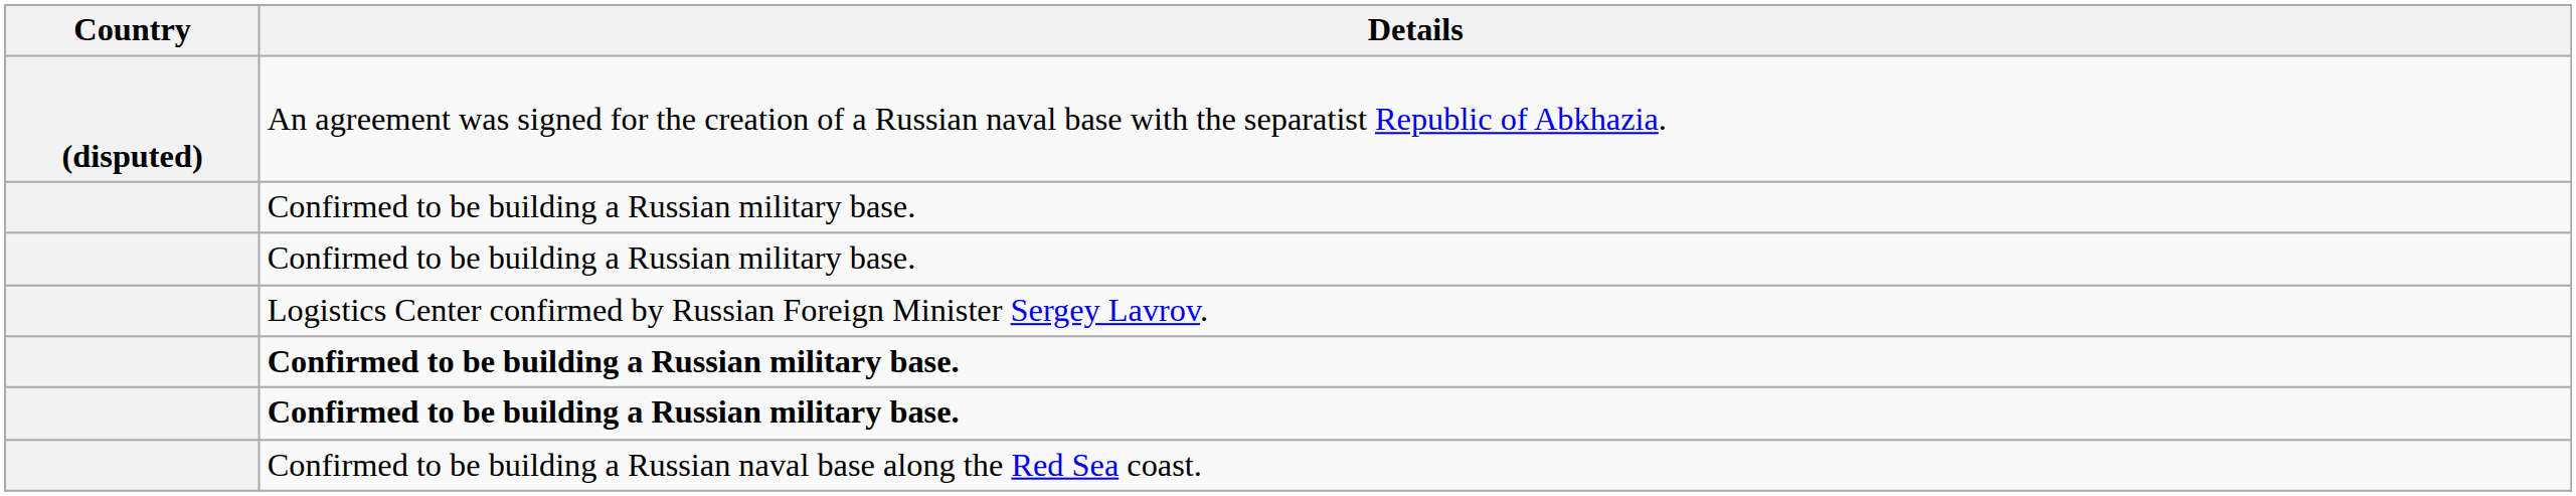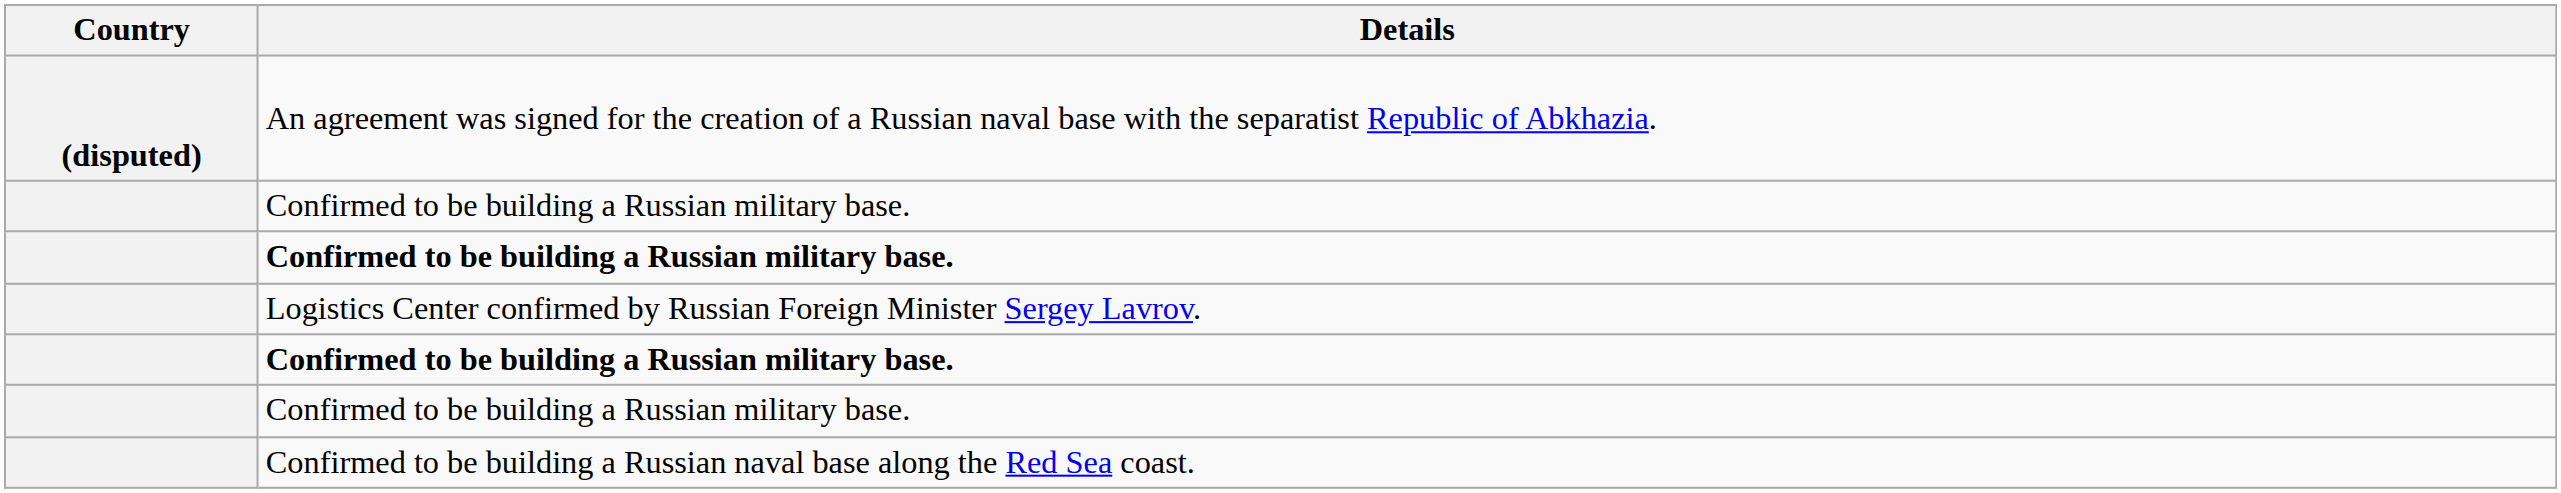 <table class="wikitable" style="margin:auto; width:100%;">
 <tr>
 <th>Country</th>
 <th>Details</th>
 </tr>
 <tr>
 <th><br><br>(disputed)</th>
 <td>An agreement was signed for the creation of a Russian naval base with the separatist <a href='#'>Republic of Abkhazia</a>.</td>
 </tr>
 <tr>
 <th></th>
 <td>Confirmed to be building a Russian military base.</td>
 </tr>
 <tr>
 <th></th>
-<td>Confirmed to be building a Russian military base.</td>
+<td><strong>Confirmed to be building a Russian military base.</strong></td>
 </tr>
 <tr>
 <th></th>
 <td>Logistics Center confirmed by Russian Foreign Minister <a href='#'>Sergey Lavrov</a>.</td>
 </tr>
 <tr>
 <th></th>
 <td><strong>Confirmed to be building a Russian military base.</strong></td>
 </tr>
 <tr>
 <th></th>
-<td><strong>Confirmed to be building a Russian military base.</strong></td>
+<td>Confirmed to be building a Russian military base.</td>
 </tr>
 <tr>
 <th></th>
 <td>Confirmed to be building a Russian naval base along the <a href='#'>Red Sea</a> coast.</td>
 </tr>
 </table>
